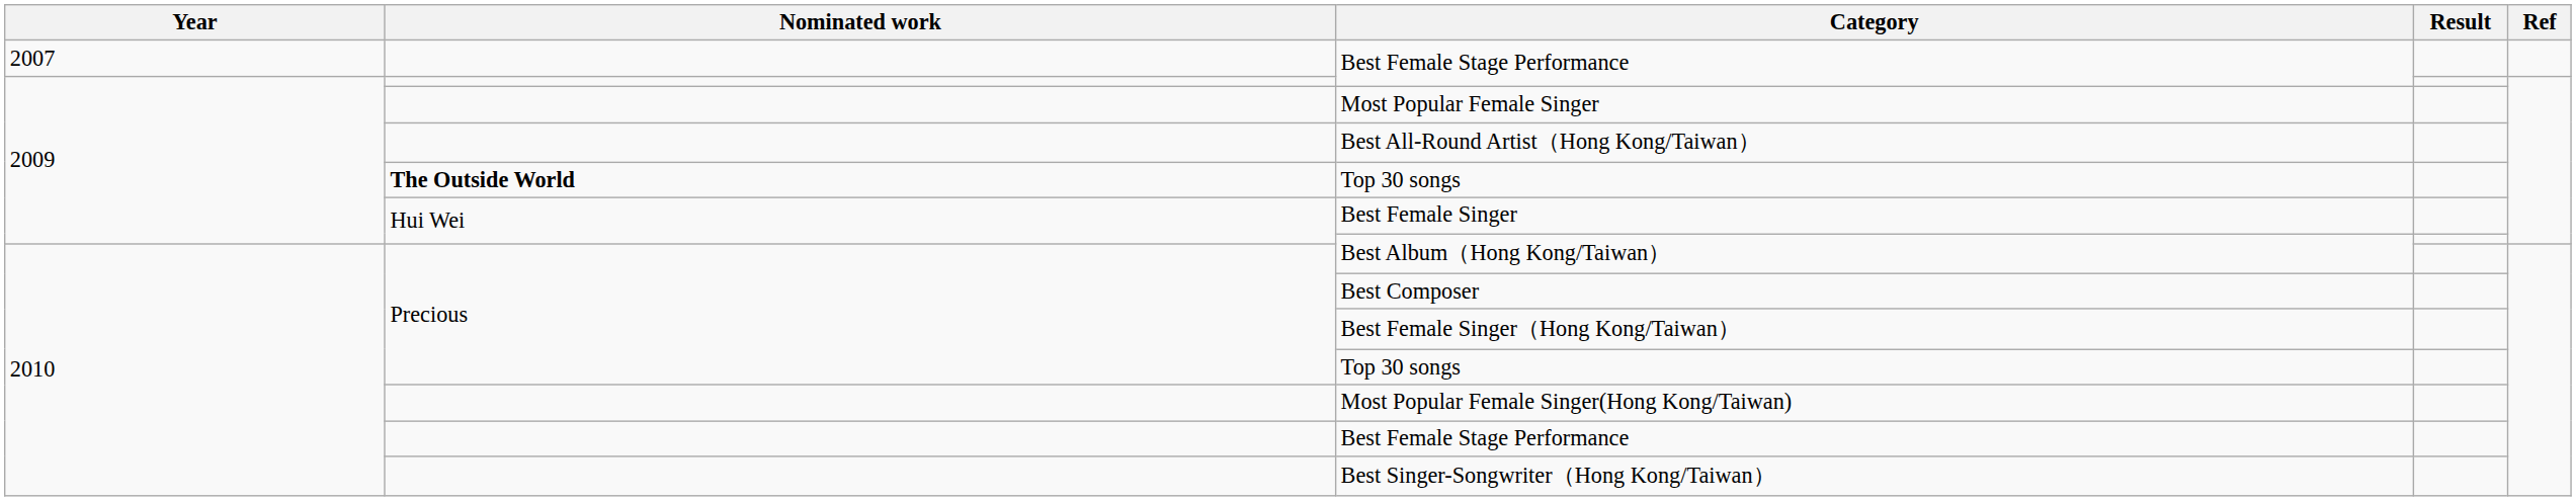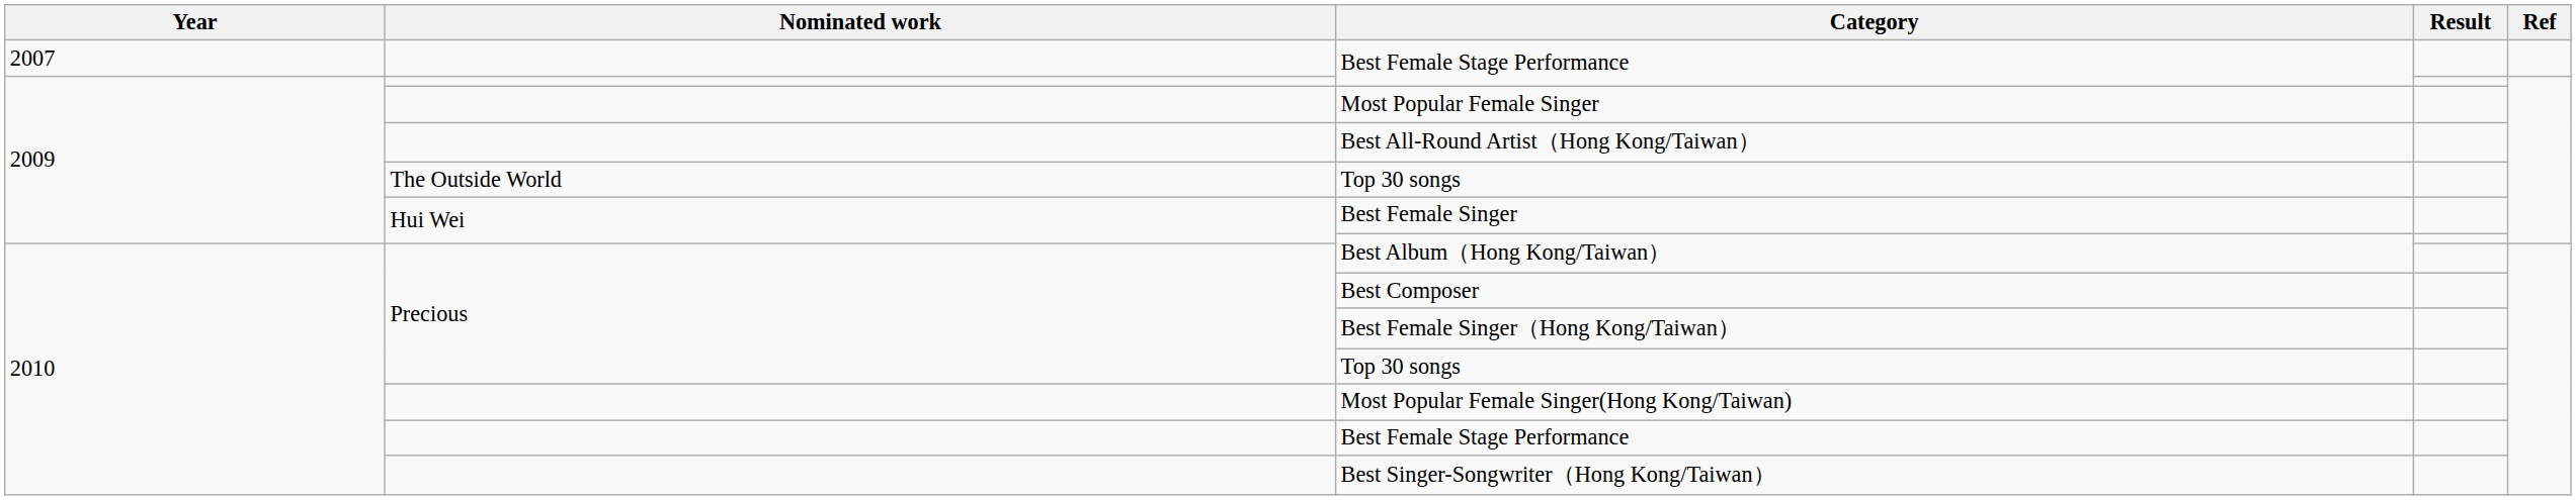 <table class="wikitable"  width="92%">
 <tr>
 <th width="12%">Year</th>
 <th width="30%">Nominated work</th>
 <th width="34%">Category</th>
 <th width="3%">Result</th>
 <th width="2%">Ref</th>
 </tr>
 <tr>
 <td>2007</td>
 <td></td>
 <td rowspan=2>Best Female Stage Performance</td>
 <td></td>
 <td></td>
 </tr>
 <tr>
 <td rowspan=6>2009</td>
 <td></td>
 <td></td>
 <td rowspan=6></td>
 </tr>
 <tr>
 <td></td>
 <td>Most Popular Female Singer</td>
 <td></td>
 </tr>
 <tr>
 <td></td>
 <td>Best All-Round Artist（Hong Kong/Taiwan）</td>
 <td></td>
 </tr>
 <tr>
-<td><strong>The Outside World</strong></td>
+<td>The Outside World</td>
 <td>Top 30 songs</td>
 <td></td>
 </tr>
 <tr>
 <td rowspan=2>Hui Wei</td>
 <td>Best Female Singer</td>
 <td></td>
 </tr>
 <tr>
 <td rowspan=2>Best Album（Hong Kong/Taiwan）</td>
 <td></td>
 </tr>
 <tr>
 <td rowspan=7>2010</td>
 <td rowspan=4>Precious</td>
 <td></td>
 <td rowspan=7></td>
 </tr>
 <tr>
 <td>Best Composer</td>
 <td></td>
 </tr>
 <tr>
 <td>Best Female Singer（Hong Kong/Taiwan）</td>
 <td></td>
 </tr>
 <tr>
 <td>Top 30 songs</td>
 <td></td>
 </tr>
 <tr>
 <td></td>
 <td>Most Popular Female Singer(Hong Kong/Taiwan)</td>
 <td></td>
 </tr>
 <tr>
 <td></td>
 <td>Best Female Stage Performance</td>
 <td></td>
 </tr>
 <tr>
 <td></td>
 <td>Best Singer-Songwriter（Hong Kong/Taiwan）</td>
 <td></td>
 </tr>
 </table>
